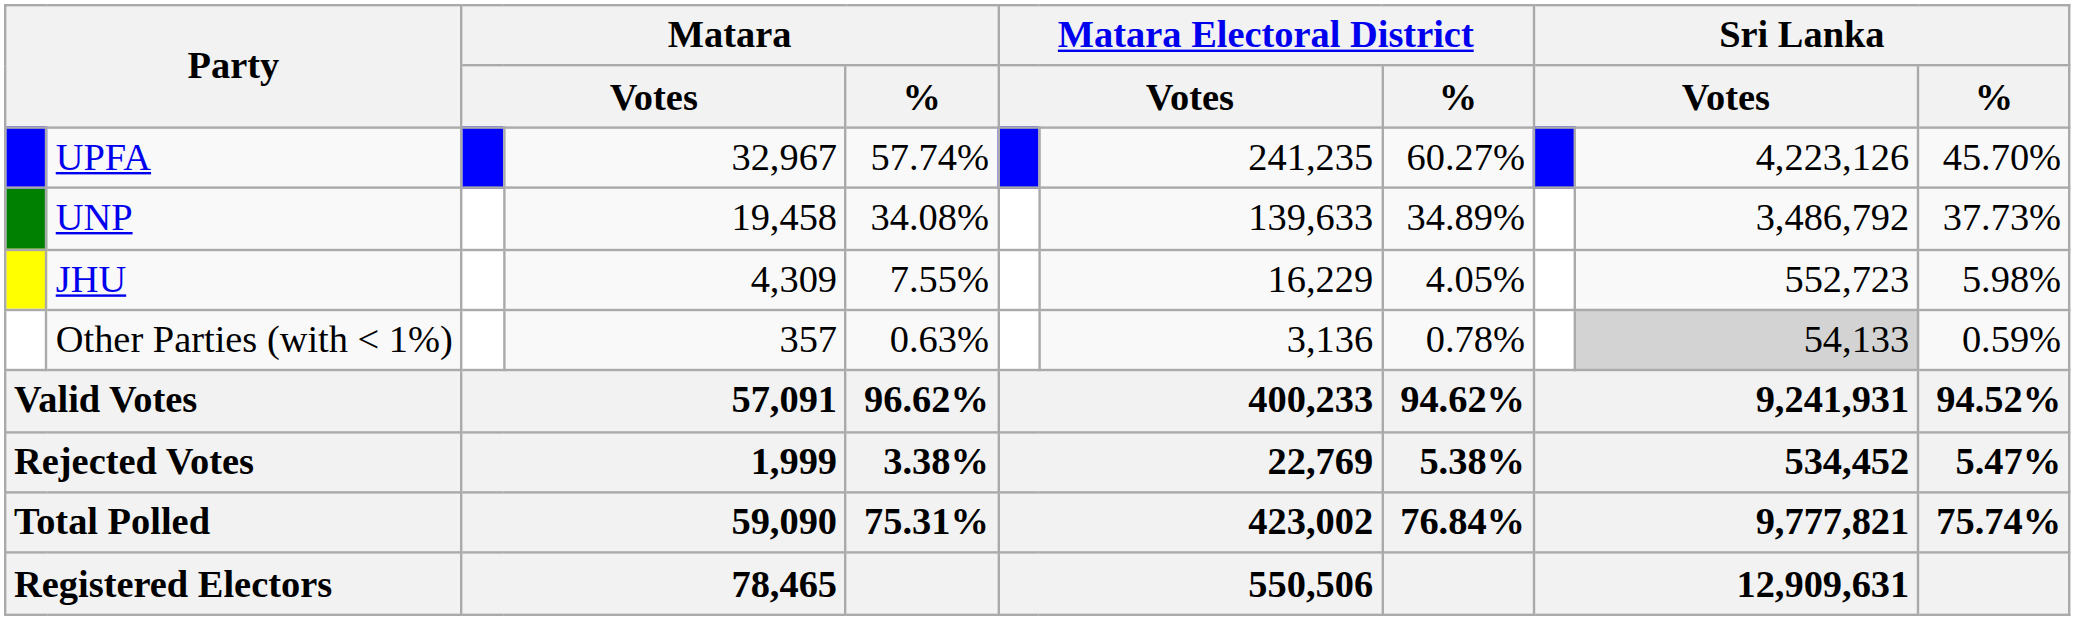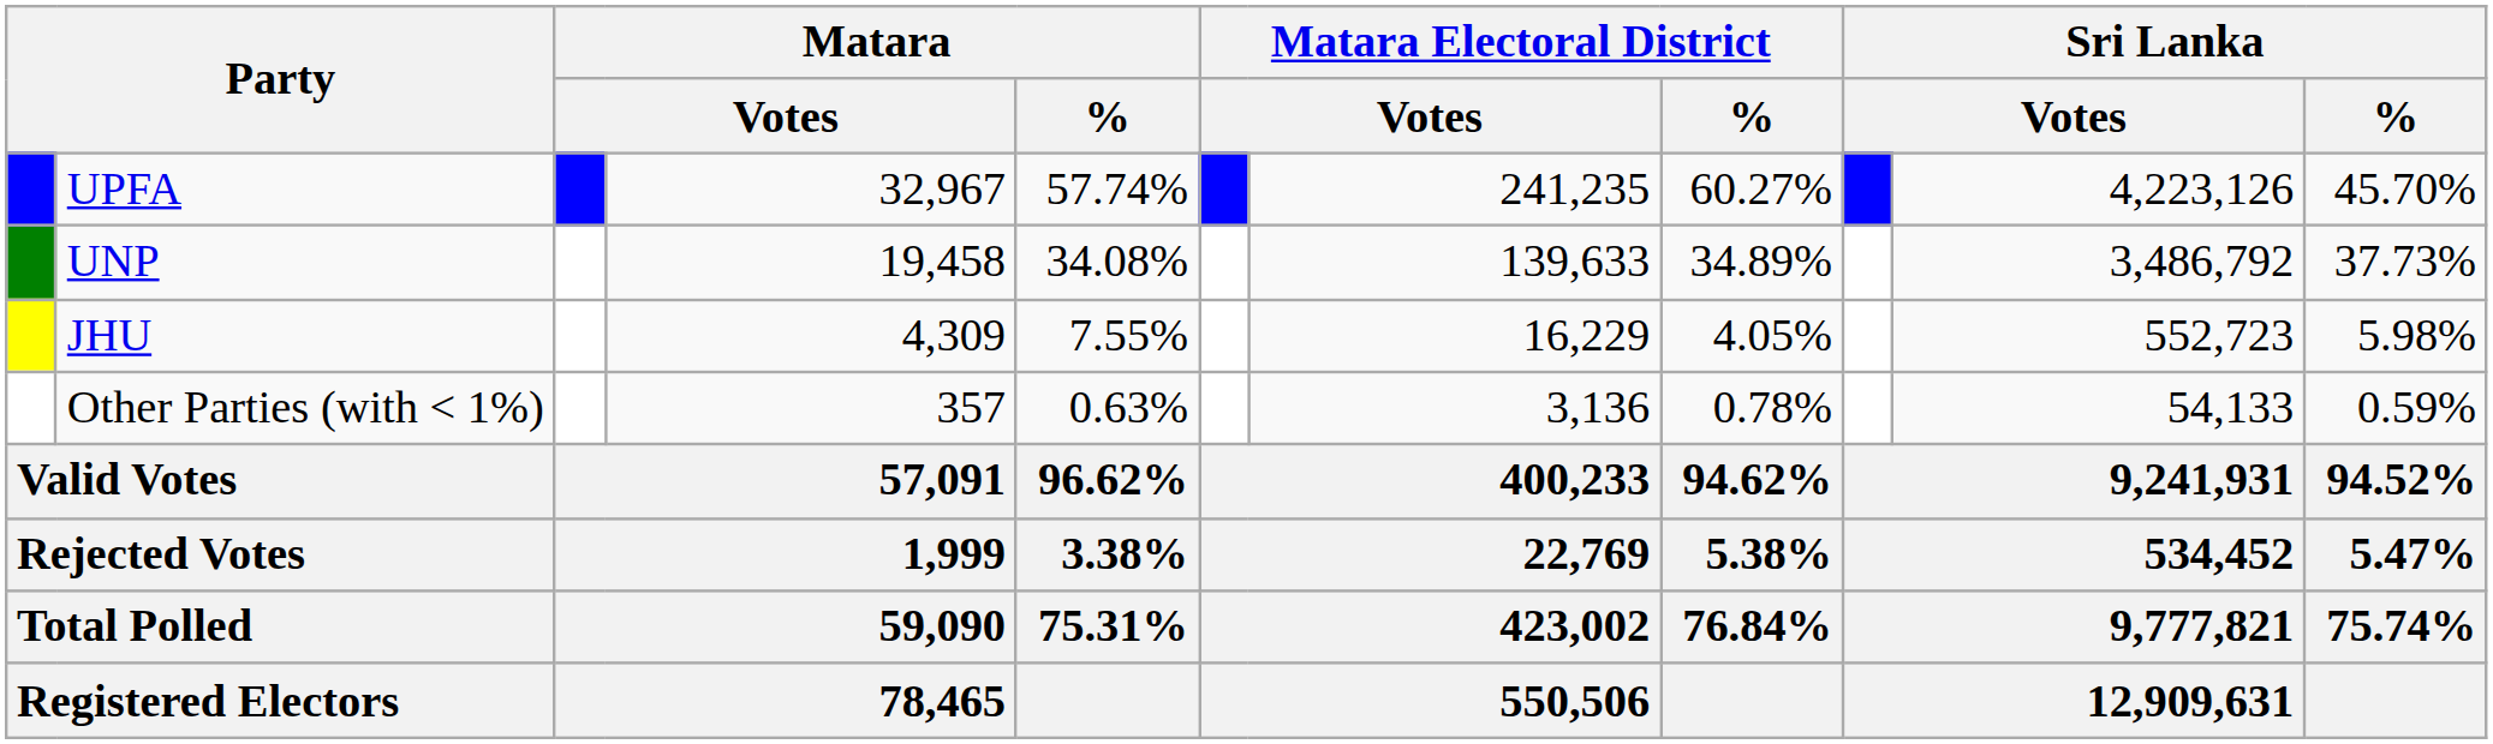 <table class="wikitable">
 <tr>
 <th colspan="2" width="144px"rowspan="2">Party</th>
 <th colspan="3" width="216px">Matara</th>
 <th colspan="3" width="216px"><a href='#'>Matara Electoral District</a></th>
 <th colspan="3" width="216px">Sri Lanka</th>
 </tr>
 <tr>
 <th colspan="2" width="144px">Votes</th>
 <th>%</th>
 <th colspan="2" width="144px">Votes</th>
 <th>%</th>
 <th colspan="2" width="144px">Votes</th>
 <th>%</th>
 </tr>
 <tr>
 <td style="background-color:blue;" width="10px"></td>
 <td style="text-align:left;"><a href='#'>UPFA</a></td>
 <td style="background-color:blue;" width="10px"></td>
 <td style="text-align:right;">32,967</td>
 <td style="text-align:right;">57.74%</td>
 <td style="background-color:blue;" width="10px"></td>
 <td style="text-align:right;">241,235</td>
 <td style="text-align:right;">60.27%</td>
 <td style="background-color:blue;" width="10px"></td>
 <td style="text-align:right;">4,223,126</td>
 <td style="text-align:right;">45.70%</td>
 </tr>
 <tr>
 <td style="background-color:green;" width="10px"></td>
 <td style="text-align:left;"><a href='#'>UNP</a></td>
 <td style="background-color:white;" width="10px"></td>
 <td style="text-align:right;">19,458</td>
 <td style="text-align:right;">34.08%</td>
 <td style="background-color:white;" width="10px"></td>
 <td style="text-align:right;">139,633</td>
 <td style="text-align:right;">34.89%</td>
 <td style="background-color:white;" width="10px"></td>
 <td style="text-align:right;">3,486,792</td>
 <td style="text-align:right;">37.73%</td>
 </tr>
 <tr>
 <td style="background-color:yellow;" width="10px"></td>
 <td style="text-align:left;"><a href='#'>JHU</a></td>
 <td style="background-color:white;" width="10px"></td>
 <td style="text-align:right;">4,309</td>
 <td style="text-align:right;">7.55%</td>
 <td style="background-color:white;" width="10px"></td>
 <td style="text-align:right;">16,229</td>
 <td style="text-align:right;">4.05%</td>
 <td style="background-color:white;" width="10px"></td>
 <td style="text-align:right;">552,723</td>
 <td style="text-align:right;">5.98%</td>
 </tr>
 <tr>
 <td style="background-color:white;" width="10px"></td>
 <td style="text-align:left;">Other Parties (with < 1%)</td>
 <td style="background-color:white;" width="10px"></td>
 <td style="text-align:right;">357</td>
 <td style="text-align:right;">0.63%</td>
 <td style="background-color:white;" width="10px"></td>
 <td style="text-align:right;">3,136</td>
 <td style="text-align:right;">0.78%</td>
 <td style="background-color:white;" width="10px"></td>
-<td style="background: lightgrey; text-align:right;">54,133</td>
+<td style="text-align:right;">54,133</td>
 <td style="text-align:right;">0.59%</td>
 </tr>
 <tr>
 <th colspan="2" width="144px"style="text-align:left;">Valid Votes</th>
 <th style="text-align:right;"colspan="2" width="144px">57,091</th>
 <th style="text-align:right;">96.62%</th>
 <th style="text-align:right;"colspan="2" width="144px">400,233</th>
 <th style="text-align:right;">94.62%</th>
 <th style="text-align:right;"colspan="2" width="144px">9,241,931</th>
 <th style="text-align:right;">94.52%</th>
 </tr>
 <tr>
 <th colspan="2" width="144px"style="text-align:left;">Rejected Votes</th>
 <th style="text-align:right;"colspan="2" width="144px">1,999</th>
 <th style="text-align:right;">3.38%</th>
 <th style="text-align:right;"colspan="2" width="144px">22,769</th>
 <th style="text-align:right;">5.38%</th>
 <th style="text-align:right;"colspan="2" width="144px">534,452</th>
 <th style="text-align:right;">5.47%</th>
 </tr>
 <tr>
 <th colspan="2" width="144px"style="text-align:left;">Total Polled</th>
 <th style="text-align:right;"colspan="2" width="144px">59,090</th>
 <th style="text-align:right;">75.31%</th>
 <th style="text-align:right;"colspan="2" width="144px">423,002</th>
 <th style="text-align:right;">76.84%</th>
 <th style="text-align:right;"colspan="2" width="144px">9,777,821</th>
 <th style="text-align:right;">75.74%</th>
 </tr>
 <tr>
 <th colspan="2" width="144px"style="text-align:left;">Registered Electors</th>
 <th style="text-align:right;"colspan="2" width="144px">78,465</th>
 <th></th>
 <th style="text-align:right;"colspan="2" width="144px">550,506</th>
 <th></th>
 <th style="text-align:right;"colspan="2" width="144px">12,909,631</th>
 <th></th>
 </tr>
 </table>
